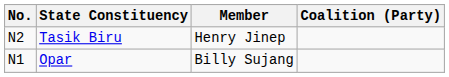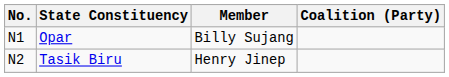 <table class="wikitable">
 <tr>
 <th>No.</th>
 <th>State Constituency</th>
 <th>Member</th>
 <th>Coalition (Party)</th>
 </tr>
 <tr>
+<td>N1</td>
+<td><a href='#'>Opar</a></td>
+<td>Billy Sujang</td>
+<td></td>
+</tr>
+<tr>
 <td>N2</td>
 <td><a href='#'>Tasik Biru</a></td>
 <td>Henry Jinep</td>
 <td></td>
 </tr>
-<tr>
-<td>N1</td>
-<td><a href='#'>Opar</a></td>
-<td>Billy Sujang</td>
-<td></td>
-</tr>
 </table>
